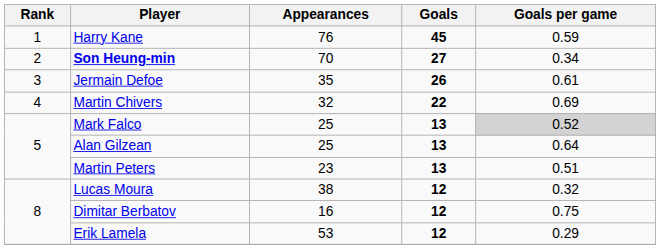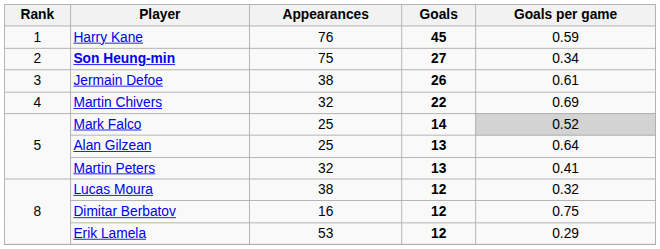 <table class="wikitable sortable" style="width:60%; align:center; text-align:center">
 <tr>
 <th>Rank</th>
 <th>Player</th>
 <th>Appearances</th>
 <th>Goals</th>
 <th>Goals per game</th>
 </tr>
 <tr>
 <td>1</td>
 <td align="left"> <a href='#'>Harry Kane</a></td>
 <td>76</td>
 <td><strong>45</strong></td>
 <td>0.59</td>
 </tr>
 <tr>
 <td>2</td>
 <td align="left"> <strong><a href='#'>Son Heung-min</a></strong></td>
-<td>70</td>
+<td>75</td>
 <td><strong>27</strong></td>
 <td>0.34</td>
 </tr>
 <tr>
 <td>3</td>
 <td align="left"> <a href='#'>Jermain Defoe</a></td>
-<td>35</td>
+<td>38</td>
 <td><strong>26</strong></td>
 <td>0.61</td>
 </tr>
 <tr>
 <td>4</td>
 <td align="left"> <a href='#'>Martin Chivers</a></td>
 <td>32</td>
 <td><strong>22</strong></td>
 <td>0.69</td>
 </tr>
 <tr>
 <td rowspan=3>5</td>
 <td align="left"> <a href='#'>Mark Falco</a></td>
 <td>25</td>
-<td><strong>13</strong></td>
+<td><strong>14</strong></td>
 <td style="background: lightgrey;">0.52</td>
 </tr>
 <tr>
 <td align="left"> <a href='#'>Alan Gilzean</a></td>
 <td>25</td>
 <td><strong>13</strong></td>
 <td>0.64</td>
 </tr>
 <tr>
 <td align="left"> <a href='#'>Martin Peters</a></td>
-<td>23</td>
+<td>32</td>
 <td><strong>13</strong></td>
-<td>0.51</td>
+<td>0.41</td>
 </tr>
 <tr>
 <td rowspan=3>8</td>
 <td align="left"> <a href='#'>Lucas Moura</a></td>
 <td>38</td>
 <td><strong>12</strong></td>
 <td>0.32</td>
 </tr>
 <tr>
 <td align="left"> <a href='#'>Dimitar Berbatov</a></td>
 <td>16</td>
 <td><strong>12</strong></td>
 <td>0.75</td>
 </tr>
 <tr>
 <td align="left"> <a href='#'>Erik Lamela</a></td>
 <td>53</td>
 <td><strong>12</strong></td>
 <td>0.29</td>
 </tr>
 <tr>
 </tr>
 </table>
